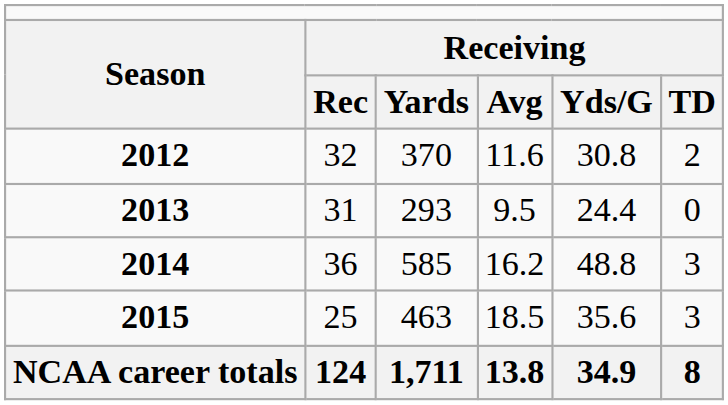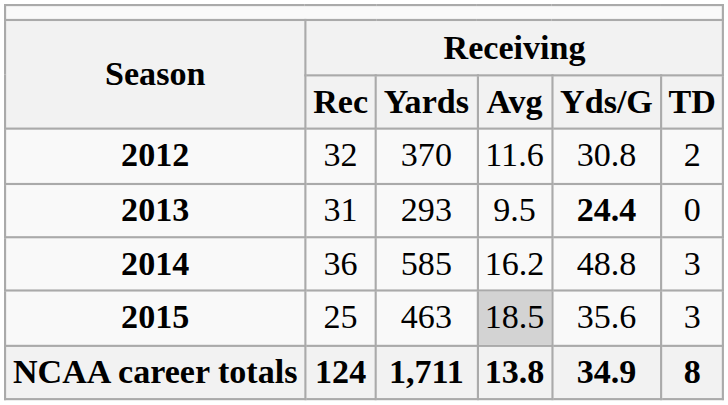 <table class=wikitable style="text-align:center;">
 <tr>
 <td ! colspan="10"></td>
 </tr>
 <tr>
 <th rowspan=2>Season</th>
 <th colspan=5>Receiving</th>
 </tr>
 <tr>
 <th>Rec</th>
 <th>Yards</th>
 <th>Avg</th>
 <th>Yds/G</th>
 <th>TD</th>
 </tr>
 <tr>
 <td><strong>2012</strong></td>
 <td>32</td>
 <td>370</td>
 <td>11.6</td>
 <td>30.8</td>
 <td>2</td>
 </tr>
 <tr>
 <td><strong>2013</strong></td>
 <td>31</td>
 <td>293</td>
 <td>9.5</td>
-<td>24.4</td>
+<td><strong>24.4</strong></td>
 <td>0</td>
 </tr>
 <tr>
 <td><strong>2014</strong></td>
 <td>36</td>
 <td>585</td>
 <td>16.2</td>
 <td>48.8</td>
 <td>3</td>
 </tr>
 <tr>
 <td><strong>2015</strong></td>
 <td>25</td>
 <td>463</td>
-<td>18.5</td>
+<td style="background: lightgrey;">18.5</td>
 <td>35.6</td>
 <td>3</td>
 </tr>
 <tr>
 <th>NCAA career totals</th>
 <th>124</th>
 <th>1,711</th>
 <th>13.8</th>
 <th>34.9</th>
 <th>8</th>
 </tr>
 </table>
